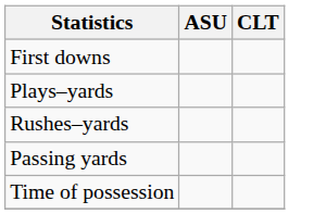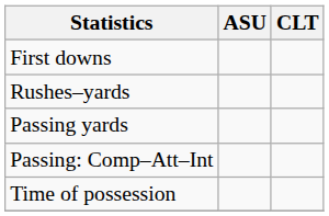 <table class="wikitable" style="float: left;">
 <tr>
 <th>Statistics</th>
 <th>ASU</th>
 <th>CLT</th>
 </tr>
 <tr>
 <td>First downs</td>
-<td></td>
-<td></td>
-</tr>
-<tr>
-<td>Plays–yards</td>
 <td></td>
 <td></td>
 </tr>
 <tr>
 <td>Rushes–yards</td>
 <td></td>
 <td></td>
 </tr>
 <tr>
 <td>Passing yards</td>
 <td></td>
 <td></td>
 </tr>
 <tr>
+<td>Passing: Comp–Att–Int</td>
+<td></td>
+<td></td>
+</tr>
+<tr>
 <td>Time of possession</td>
 <td></td>
 <td></td>
 </tr>
 <tr>
 </tr>
 </table>
